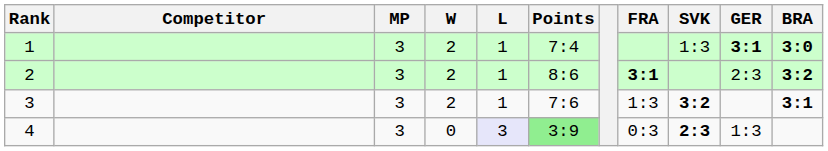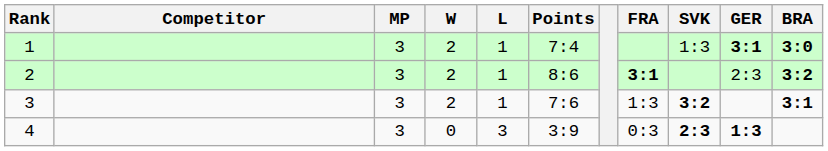 <table class="wikitable" style="text-align:center">
 <tr>
 <th>Rank</th>
 <th style="width:18em">Competitor</th>
 <th style="width:2.5em">MP</th>
 <th style="width:2.5em">W</th>
 <th style="width:2.5em">L</th>
 <th>Points</th>
 <th rowspan="5"> </th>
 <th style="width:2.5em">FRA</th>
 <th style="width:2.5em">SVK</th>
 <th style="width:2.5em">GER</th>
 <th style="width:2.5em">BRA</th>
 </tr>
 <tr style="background:#cfc;">
 <td>1</td>
 <td style="text-align:left"></td>
 <td>3</td>
 <td>2</td>
 <td>1</td>
 <td>7:4</td>
 <td></td>
 <td>1:3</td>
 <td><strong>3:1</strong></td>
 <td><strong>3:0</strong></td>
 </tr>
 <tr style="background:#cfc;">
 <td>2</td>
 <td style="text-align:left"></td>
 <td>3</td>
 <td>2</td>
 <td>1</td>
 <td>8:6</td>
 <td><strong>3:1</strong></td>
 <td></td>
 <td>2:3</td>
 <td><strong>3:2</strong></td>
 </tr>
 <tr>
 <td>3</td>
 <td style="text-align:left"></td>
 <td>3</td>
 <td>2</td>
 <td>1</td>
 <td>7:6</td>
 <td>1:3</td>
 <td><strong>3:2</strong></td>
 <td></td>
 <td><strong>3:1</strong></td>
 </tr>
 <tr>
 <td>4</td>
 <td style="text-align:left"></td>
 <td>3</td>
 <td>0</td>
-<td style="background: lavender;">3</td>
-<td style="background: lightgreen;">3:9</td>
+<td>3</td>
+<td>3:9</td>
 <td>0:3</td>
 <td><strong>2:3</strong></td>
-<td>1:3</td>
+<td><strong>1:3</strong></td>
 <td></td>
 </tr>
 </table>
